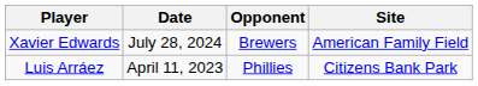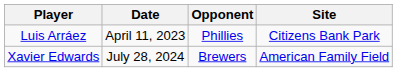 <table class="wikitable" style="text-align:center">
 <tr>
 <th style="text-align:center; ">Player</th>
 <th style="text-align:center; ">Date</th>
 <th style="text-align:center; ">Opponent</th>
 <th style="text-align:center; ">Site</th>
 </tr>
 <tr>
+<td><a href='#'>Luis Arráez</a></td>
+<td>April 11, 2023</td>
+<td><a href='#'>Phillies</a></td>
+<td><a href='#'>Citizens Bank Park</a></td>
+</tr>
+<tr>
 <td><a href='#'>Xavier Edwards</a></td>
 <td>July 28, 2024</td>
 <td><a href='#'>Brewers</a></td>
 <td><a href='#'>American Family Field</a></td>
 </tr>
-<tr>
-<td><a href='#'>Luis Arráez</a></td>
-<td>April 11, 2023</td>
-<td><a href='#'>Phillies</a></td>
-<td><a href='#'>Citizens Bank Park</a></td>
-</tr>
 </table>
